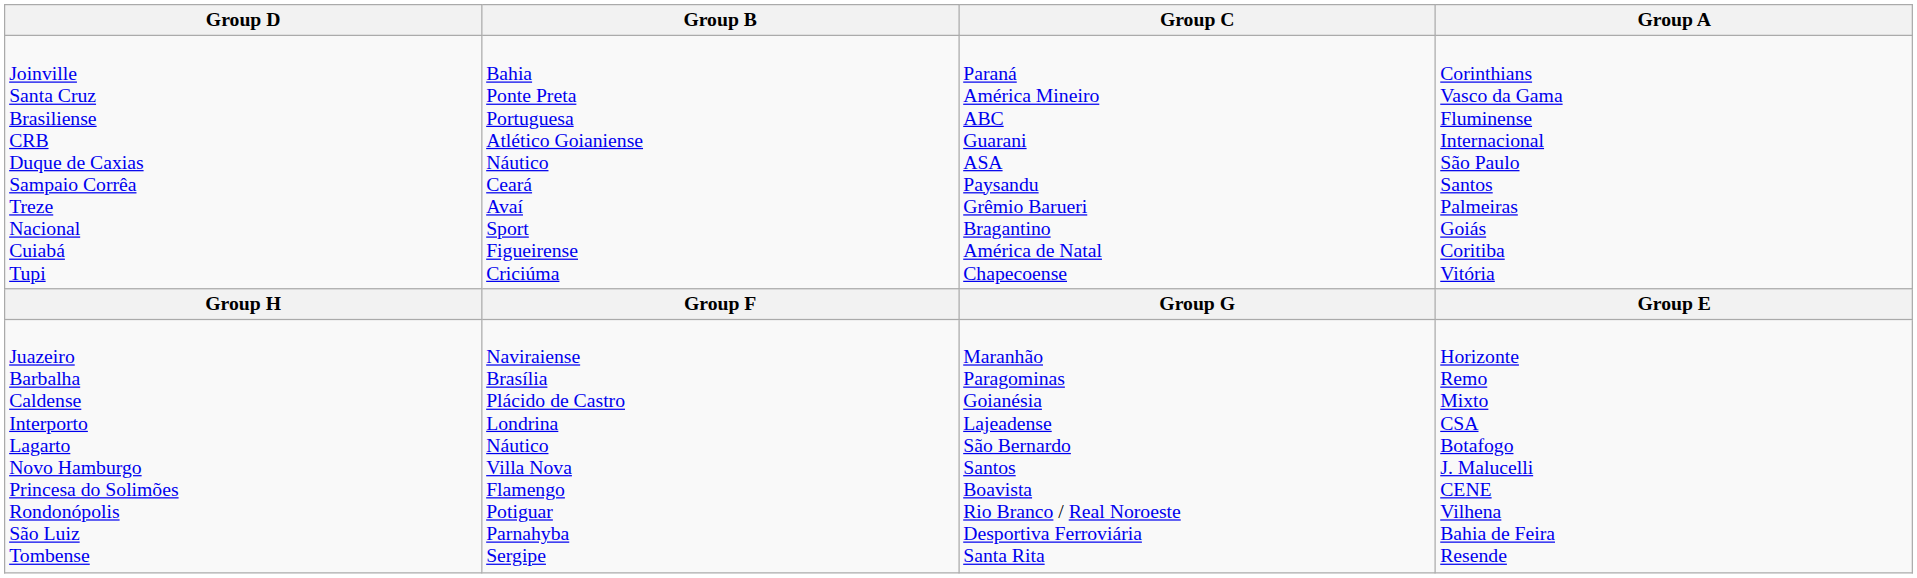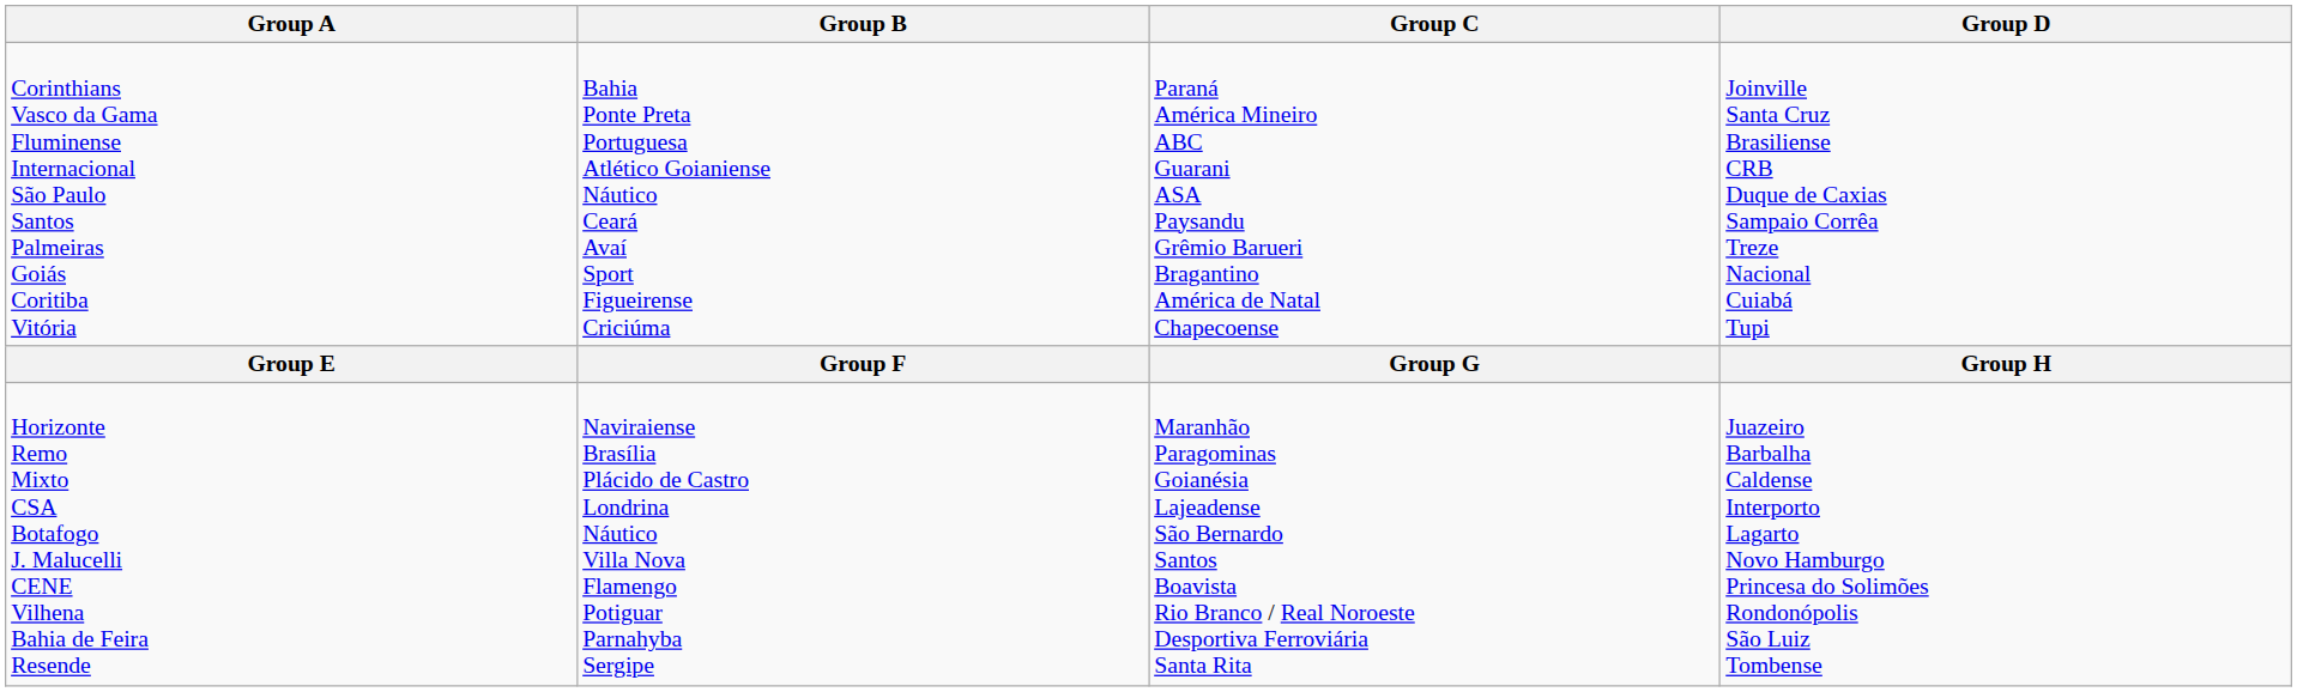 <table class="wikitable" width=98%>
 <tr>
-<th width=25%><strong>Group D</strong></th>
+<th width=25%><strong>Group A</strong></th>
 <th width=25%><strong>Group B</strong></th>
 <th width=25%><strong>Group C</strong></th>
-<th width=25%><strong>Group A</strong></th>
+<th width=25%><strong>Group D</strong></th>
 </tr>
 <tr>
-<td><br> <a href='#'>Joinville</a><br>  <a href='#'>Santa Cruz</a><br>  <a href='#'>Brasiliense</a><br>  <a href='#'>CRB</a><br>  <a href='#'>Duque de Caxias</a><br>  <a href='#'>Sampaio Corrêa</a><br>  <a href='#'>Treze</a><br>  <a href='#'>Nacional</a><br>  <a href='#'>Cuiabá</a><br>  <a href='#'>Tupi</a></td>
+<td><br> <a href='#'>Corinthians</a><br>  <a href='#'>Vasco da Gama</a><br>  <a href='#'>Fluminense</a><br>  <a href='#'>Internacional</a><br>  <a href='#'>São Paulo</a><br>  <a href='#'>Santos</a><br>  <a href='#'>Palmeiras</a><br>  <a href='#'>Goiás</a><br>  <a href='#'>Coritiba</a><br>  <a href='#'>Vitória</a></td>
 <td><br> <a href='#'>Bahia</a><br>  <a href='#'>Ponte Preta</a><br>  <a href='#'>Portuguesa</a><br>  <a href='#'>Atlético Goianiense</a><br>  <a href='#'>Náutico</a><br>  <a href='#'>Ceará</a><br>  <a href='#'>Avaí</a><br>  <a href='#'>Sport</a><br>  <a href='#'>Figueirense</a><br>  <a href='#'>Criciúma</a></td>
 <td><br> <a href='#'>Paraná</a><br>  <a href='#'>América Mineiro</a><br>  <a href='#'>ABC</a><br>  <a href='#'>Guarani</a><br>  <a href='#'>ASA</a><br>  <a href='#'>Paysandu</a><br>  <a href='#'>Grêmio Barueri</a><br>  <a href='#'>Bragantino</a><br>  <a href='#'>América de Natal</a><br>  <a href='#'>Chapecoense</a></td>
-<td><br> <a href='#'>Corinthians</a><br>  <a href='#'>Vasco da Gama</a><br>  <a href='#'>Fluminense</a><br>  <a href='#'>Internacional</a><br>  <a href='#'>São Paulo</a><br>  <a href='#'>Santos</a><br>  <a href='#'>Palmeiras</a><br>  <a href='#'>Goiás</a><br>  <a href='#'>Coritiba</a><br>  <a href='#'>Vitória</a></td>
+<td><br> <a href='#'>Joinville</a><br>  <a href='#'>Santa Cruz</a><br>  <a href='#'>Brasiliense</a><br>  <a href='#'>CRB</a><br>  <a href='#'>Duque de Caxias</a><br>  <a href='#'>Sampaio Corrêa</a><br>  <a href='#'>Treze</a><br>  <a href='#'>Nacional</a><br>  <a href='#'>Cuiabá</a><br>  <a href='#'>Tupi</a></td>
 </tr>
 <tr>
-<th width=25%><strong>Group H</strong></th>
+<th width=25%><strong>Group E</strong></th>
 <th width=25%><strong>Group F</strong></th>
 <th width=25%><strong>Group G</strong></th>
-<th width=25%><strong>Group E</strong></th>
+<th width=25%><strong>Group H</strong></th>
 </tr>
 <tr>
-<td><br> <a href='#'>Juazeiro</a><br>  <a href='#'>Barbalha</a><br>  <a href='#'>Caldense</a><br>  <a href='#'>Interporto</a><br>  <a href='#'>Lagarto</a><br>  <a href='#'>Novo Hamburgo</a><br>  <a href='#'>Princesa do Solimões</a><br>  <a href='#'>Rondonópolis</a><br>  <a href='#'>São Luiz</a><br>  <a href='#'>Tombense</a></td>
+<td><br> <a href='#'>Horizonte</a><br>  <a href='#'>Remo</a><br>  <a href='#'>Mixto</a><br>  <a href='#'>CSA</a><br>  <a href='#'>Botafogo</a><br>  <a href='#'>J. Malucelli</a><br>  <a href='#'>CENE</a><br>  <a href='#'>Vilhena</a><br>  <a href='#'>Bahia de Feira</a><br>  <a href='#'>Resende</a></td>
 <td><br> <a href='#'>Naviraiense</a><br>  <a href='#'>Brasília</a><br>  <a href='#'>Plácido de Castro</a><br>  <a href='#'>Londrina</a><br>  <a href='#'>Náutico</a><br>  <a href='#'>Villa Nova</a><br>  <a href='#'>Flamengo</a><br>  <a href='#'>Potiguar</a><br>  <a href='#'>Parnahyba</a><br>  <a href='#'>Sergipe</a></td>
 <td><br> <a href='#'>Maranhão</a><br>  <a href='#'>Paragominas</a><br>  <a href='#'>Goianésia</a><br>  <a href='#'>Lajeadense</a><br>  <a href='#'>São Bernardo</a><br>  <a href='#'>Santos</a><br>  <a href='#'>Boavista</a><br>  <a href='#'>Rio Branco</a> /  <a href='#'>Real Noroeste</a><br>  <a href='#'>Desportiva Ferroviária</a><br>  <a href='#'>Santa Rita</a></td>
-<td><br> <a href='#'>Horizonte</a><br>  <a href='#'>Remo</a><br>  <a href='#'>Mixto</a><br>  <a href='#'>CSA</a><br>  <a href='#'>Botafogo</a><br>  <a href='#'>J. Malucelli</a><br>  <a href='#'>CENE</a><br>  <a href='#'>Vilhena</a><br>  <a href='#'>Bahia de Feira</a><br>  <a href='#'>Resende</a></td>
+<td><br> <a href='#'>Juazeiro</a><br>  <a href='#'>Barbalha</a><br>  <a href='#'>Caldense</a><br>  <a href='#'>Interporto</a><br>  <a href='#'>Lagarto</a><br>  <a href='#'>Novo Hamburgo</a><br>  <a href='#'>Princesa do Solimões</a><br>  <a href='#'>Rondonópolis</a><br>  <a href='#'>São Luiz</a><br>  <a href='#'>Tombense</a></td>
 </tr>
 </table>
